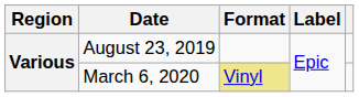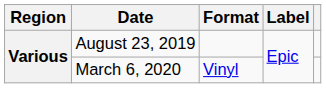 <table class="wikitable plainrowheaders">
 <tr>
 <th scope="col">Region</th>
 <th scope="col">Date</th>
 <th scope="col">Format</th>
 <th scope="col">Label</th>
 <th scope="col"></th>
 </tr>
 <tr>
 <th scope="row" rowspan="2">Various</th>
 <td>August 23, 2019</td>
 <td></td>
 <td rowspan="2"><a href='#'>Epic</a></td>
 <td></td>
 </tr>
 <tr>
 <td>March 6, 2020</td>
-<td style="background: khaki;"><a href='#'>Vinyl</a></td>
+<td><a href='#'>Vinyl</a></td>
 <td></td>
 </tr>
 </table>
